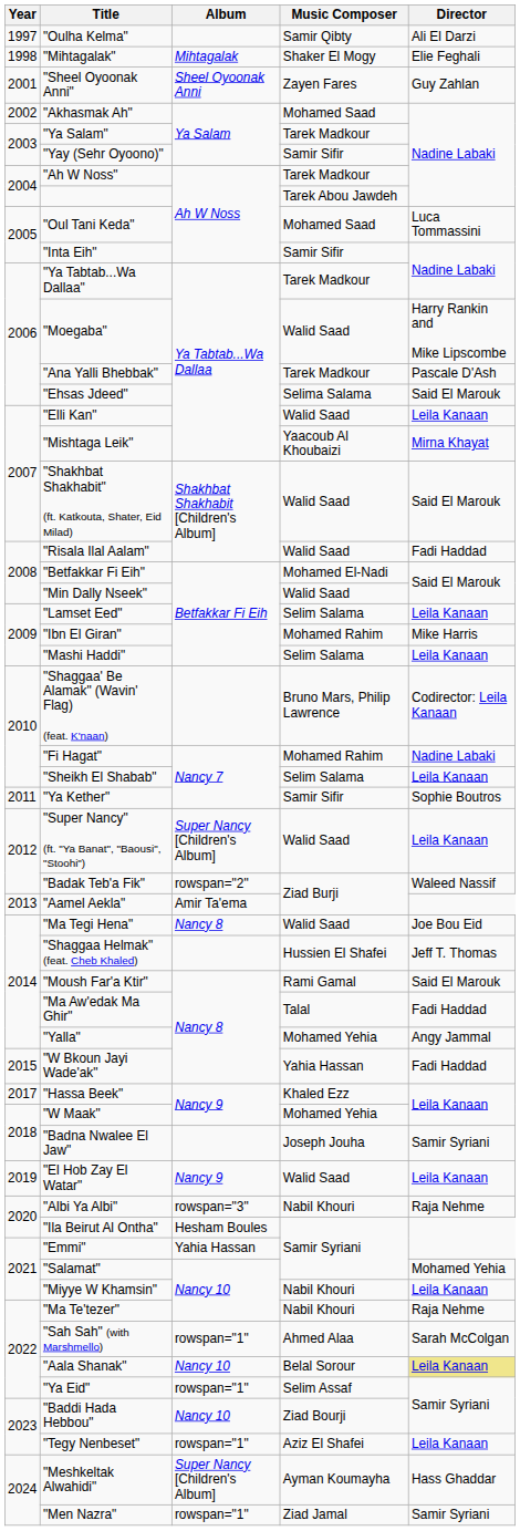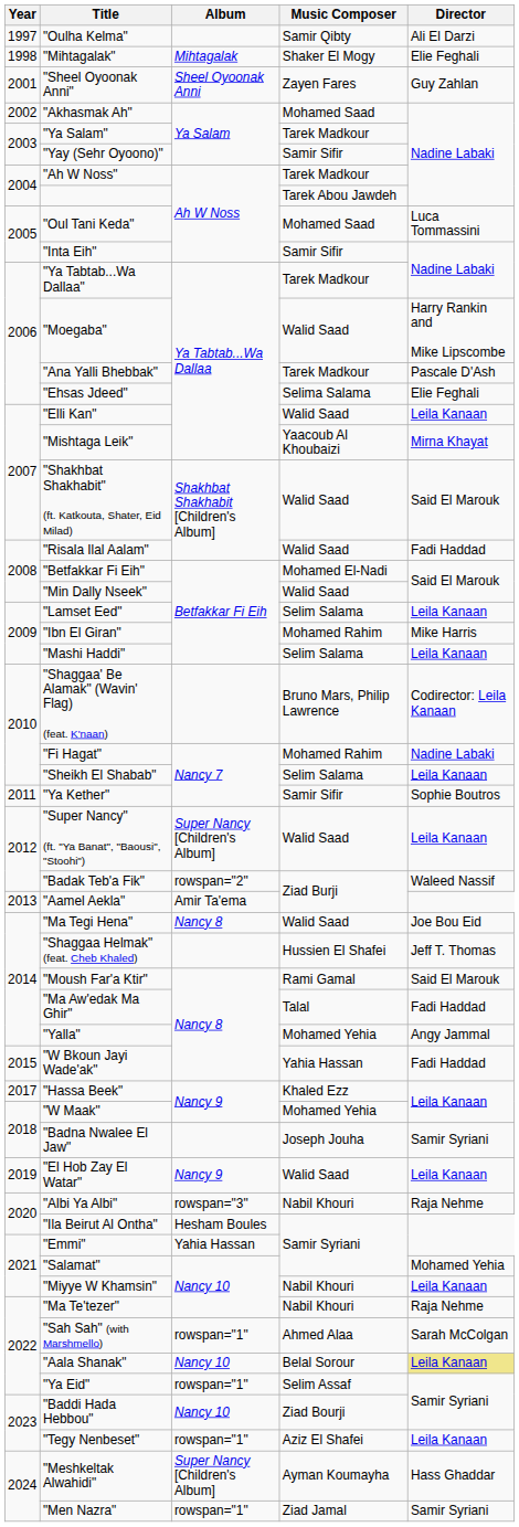 <table class="wikitable" style="margin-left: auto; margin-right: auto; border: none;">
 <tr>
 <th style="width:30px;">Year</th>
 <th style="width:200px;">Title</th>
 <th style="width:150px;">Album</th>
 <th style="width:200px;">Music Composer</th>
 <th style="width:150px;">Director</th>
 </tr>
 <tr>
 <td>1997</td>
 <td>"Oulha Kelma"</td>
 <td></td>
 <td>Samir Qibty</td>
 <td>Ali El Darzi</td>
 </tr>
 <tr>
 <td>1998</td>
 <td>"Mihtagalak"</td>
 <td><em><a href='#'>Mihtagalak</a></em></td>
 <td>Shaker El Mogy</td>
 <td>Elie Feghali</td>
 </tr>
 <tr>
 <td>2001</td>
 <td>"Sheel Oyoonak Anni"</td>
 <td><em><a href='#'>Sheel Oyoonak Anni</a></em></td>
 <td>Zayen Fares</td>
 <td>Guy Zahlan</td>
 </tr>
 <tr>
 <td>2002</td>
 <td>"Akhasmak Ah"</td>
 <td rowspan="3"><em><a href='#'>Ya Salam</a></em></td>
 <td>Mohamed Saad</td>
 <td rowspan="5"><a href='#'>Nadine Labaki</a></td>
 </tr>
 <tr>
 <td rowspan="2">2003</td>
 <td>"Ya Salam"</td>
 <td>Tarek Madkour</td>
 </tr>
 <tr>
 <td>"Yay (Sehr Oyoono)"</td>
 <td>Samir Sifir</td>
 </tr>
 <tr>
 <td rowspan="2">2004</td>
 <td>"Ah W Noss"</td>
 <td rowspan="4"><em><a href='#'>Ah W Noss</a></em></td>
 <td>Tarek Madkour</td>
 </tr>
 <tr>
 <td "Lawn Ouyounak"></td>
 <td>Tarek Abou Jawdeh</td>
 </tr>
 <tr>
 <td rowspan="2">2005</td>
 <td>"Oul Tani Keda"</td>
 <td>Mohamed Saad</td>
 <td>Luca Tommassini</td>
 </tr>
 <tr>
 <td>"Inta Eih"</td>
 <td>Samir Sifir</td>
 <td rowspan="2"><a href='#'>Nadine Labaki</a></td>
 </tr>
 <tr>
 <td rowspan="4">2006</td>
 <td>"Ya Tabtab...Wa Dallaa"</td>
 <td rowspan="6"><em><a href='#'>Ya Tabtab...Wa Dallaa</a></em></td>
 <td>Tarek Madkour</td>
 </tr>
 <tr>
 <td>"Moegaba"</td>
 <td>Walid Saad</td>
 <td>Harry Rankin and<br><br>Mike Lipscombe</td>
 </tr>
 <tr>
 <td>"Ana Yalli Bhebbak"</td>
 <td>Tarek Madkour</td>
 <td>Pascale D'Ash</td>
 </tr>
 <tr>
 <td>"Ehsas Jdeed"</td>
 <td>Selima Salama</td>
-<td>Said El Marouk</td>
+<td>Elie Feghali</td>
 </tr>
 <tr>
 <td rowspan="3">2007</td>
 <td>"Elli Kan"</td>
 <td>Walid Saad</td>
 <td><a href='#'>Leila Kanaan</a></td>
 </tr>
 <tr>
 <td>"Mishtaga Leik"</td>
 <td>Yaacoub Al Khoubaizi</td>
 <td><a href='#'>Mirna Khayat</a></td>
 </tr>
 <tr>
 <td>"Shakhbat Shakhabit" <br><br><small> (ft. Katkouta, Shater, Eid Milad)</small></td>
 <td rowspan="2"><em><a href='#'>Shakhbat Shakhabit</a></em><br>[Children's Album]</td>
 <td>Walid Saad</td>
 <td>Said El Marouk</td>
 </tr>
 <tr>
 <td rowspan="3">2008</td>
 <td>"Risala Ilal Aalam"</td>
 <td>Walid Saad</td>
 <td>Fadi Haddad</td>
 </tr>
 <tr>
 <td>"Betfakkar Fi Eih"</td>
 <td rowspan="5"><em><a href='#'>Betfakkar Fi Eih</a></em></td>
 <td>Mohamed El-Nadi</td>
 <td rowspan="2">Said El Marouk</td>
 </tr>
 <tr>
 <td>"Min Dally Nseek"</td>
 <td>Walid Saad</td>
 </tr>
 <tr>
 <td rowspan="3">2009</td>
 <td>"Lamset Eed"</td>
 <td>Selim Salama</td>
 <td><a href='#'>Leila Kanaan</a></td>
 </tr>
 <tr>
 <td>"Ibn El Giran"</td>
 <td>Mohamed Rahim</td>
 <td>Mike Harris</td>
 </tr>
 <tr>
 <td>"Mashi Haddi"</td>
 <td>Selim Salama</td>
 <td><a href='#'>Leila Kanaan</a></td>
 </tr>
 <tr>
 <td rowspan="3">2010</td>
 <td>"Shaggaa' Be Alamak" (Wavin' Flag)<br><br><small>(feat. <a href='#'>K'naan</a>)</small></td>
 <td></td>
 <td>Bruno Mars, Philip Lawrence</td>
 <td>Codirector: <a href='#'>Leila Kanaan</a></td>
 </tr>
 <tr>
 <td>"Fi Hagat"</td>
 <td rowspan="3"><em><a href='#'>Nancy 7</a></em></td>
 <td>Mohamed Rahim</td>
 <td><a href='#'>Nadine Labaki</a></td>
 </tr>
 <tr>
 <td>"Sheikh El Shabab"</td>
 <td>Selim Salama</td>
 <td><a href='#'>Leila Kanaan</a></td>
 </tr>
 <tr>
 <td>2011</td>
 <td>"Ya Kether"</td>
 <td>Samir Sifir</td>
 <td>Sophie Boutros</td>
 </tr>
 <tr>
 <td rowspan="2">2012</td>
 <td>"Super Nancy" <br><br><small> (ft. "Ya Banat", "Baousi", "Stoohi")</small></td>
 <td><em><a href='#'>Super Nancy</a></em><br>[Children's Album]</td>
 <td>Walid Saad</td>
 <td><a href='#'>Leila Kanaan</a></td>
 </tr>
 <tr>
 <td>"Badak Teb'a Fik"</td>
 <td>rowspan="2" </td>
 <td rowspan="2">Ziad Burji</td>
 <td>Waleed Nassif</td>
 </tr>
 <tr>
 <td>2013</td>
 <td>"Aamel Aekla"</td>
 <td>Amir Ta'ema</td>
 </tr>
 <tr>
 <td rowspan="5">2014</td>
 <td>"Ma Tegi Hena"</td>
 <td><em><a href='#'>Nancy 8</a></em></td>
 <td>Walid Saad</td>
 <td>Joe Bou Eid</td>
 </tr>
 <tr>
 <td>"Shaggaa Helmak" <small>(feat. <a href='#'>Cheb Khaled</a>)</small></td>
 <td></td>
 <td>Hussien El Shafei</td>
 <td>Jeff T. Thomas</td>
 </tr>
 <tr>
 <td>"Moush Far'a Ktir"</td>
 <td rowspan="4"><em><a href='#'>Nancy 8</a></em></td>
 <td>Rami Gamal</td>
 <td>Said El Marouk</td>
 </tr>
 <tr>
 <td>"Ma Aw'edak Ma Ghir"</td>
 <td>Talal</td>
 <td>Fadi Haddad</td>
 </tr>
 <tr>
 <td>"Yalla"</td>
 <td>Mohamed Yehia</td>
 <td>Angy Jammal</td>
 </tr>
 <tr>
 <td>2015</td>
 <td>"W Bkoun Jayi Wade'ak"</td>
 <td>Yahia Hassan</td>
 <td>Fadi Haddad</td>
 </tr>
 <tr>
 <td>2017</td>
 <td>"Hassa Beek"</td>
 <td rowspan="2"><em><a href='#'>Nancy 9</a></em></td>
 <td>Khaled Ezz</td>
 <td rowspan="2"><a href='#'>Leila Kanaan</a></td>
 </tr>
 <tr>
 <td rowspan="2">2018</td>
 <td>"W Maak"</td>
 <td>Mohamed Yehia</td>
 </tr>
 <tr>
 <td>"Badna Nwalee El Jaw"</td>
 <td></td>
 <td>Joseph Jouha</td>
 <td>Samir Syriani</td>
 </tr>
 <tr>
 <td>2019</td>
 <td>"El Hob Zay El Watar"</td>
 <td><em><a href='#'>Nancy 9</a></em></td>
 <td>Walid Saad</td>
 <td><a href='#'>Leila Kanaan</a></td>
 </tr>
 <tr>
 <td rowspan="2">2020</td>
 <td>"Albi Ya Albi"</td>
 <td>rowspan="3" </td>
 <td>Nabil Khouri</td>
 <td>Raja Nehme</td>
 </tr>
 <tr>
 <td>"Ila Beirut Al Ontha"</td>
 <td>Hesham Boules</td>
 <td rowspan="3">Samir Syriani</td>
 </tr>
 <tr>
 <td rowspan="3">2021</td>
 <td>"Emmi"</td>
 <td>Yahia Hassan</td>
 </tr>
 <tr>
 <td>"Salamat"</td>
 <td rowspan="3"><em><a href='#'>Nancy 10</a></em></td>
 <td>Mohamed Yehia</td>
 </tr>
 <tr>
 <td>"Miyye W Khamsin"</td>
 <td>Nabil Khouri</td>
 <td><a href='#'>Leila Kanaan</a></td>
 </tr>
 <tr>
 <td rowspan="4">2022</td>
 <td>"Ma Te'tezer"</td>
 <td>Nabil Khouri</td>
 <td>Raja Nehme</td>
 </tr>
 <tr>
 <td>"Sah Sah" <small>(with <a href='#'>Marshmello</a>)</small></td>
 <td>rowspan="1" </td>
 <td>Ahmed Alaa</td>
 <td>Sarah McColgan</td>
 </tr>
 <tr>
 <td>"Aala Shanak"</td>
 <td rowspan="1"><em><a href='#'>Nancy 10</a></em></td>
 <td>Belal Sorour</td>
 <td style="background: khaki;"><a href='#'>Leila Kanaan</a></td>
 </tr>
 <tr>
 <td>"Ya Eid"</td>
 <td>rowspan="1" </td>
 <td>Selim Assaf</td>
 <td rowspan="2">Samir Syriani</td>
 </tr>
 <tr>
 <td rowspan="2">2023</td>
 <td>"Baddi Hada Hebbou"</td>
 <td><em><a href='#'>Nancy 10</a></em></td>
 <td>Ziad Bourji</td>
 </tr>
 <tr>
 <td>"Tegy Nenbeset"</td>
 <td>rowspan="1" </td>
 <td>Aziz El Shafei</td>
 <td><a href='#'>Leila Kanaan</a></td>
 </tr>
 <tr>
 <td rowspan="2">2024</td>
 <td>"Meshkeltak Alwahidi"</td>
 <td><em><a href='#'>Super Nancy</a></em><br>[Children's Album]</td>
 <td>Ayman Koumayha</td>
 <td>Hass Ghaddar</td>
 </tr>
 <tr>
 <td>"Men Nazra"</td>
 <td>rowspan="1" </td>
 <td>Ziad Jamal</td>
 <td>Samir Syriani</td>
 </tr>
 <tr>
 </tr>
 </table>
